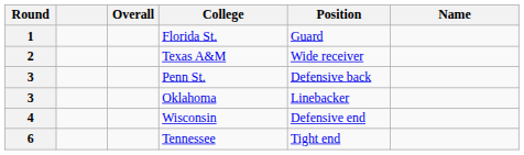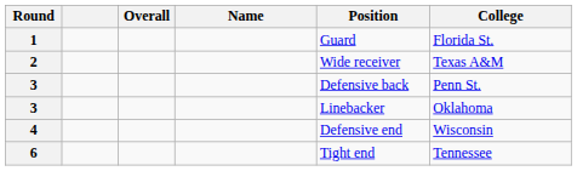 <table class="wikitable sortable" style="width: 50%;">
 <tr>
 <th scope="col" style="width: 10%;">Round</th>
 <th scope="col" style="width: 10%;"></th>
 <th scope="col" style="width: 10%;">Overall</th>
+<th scope="col" style="width: 25%;">Name</th>
+<th scope="col" style="width: 20%;">Position</th>
 <th scope="col" style="width: 25%;">College</th>
-<th scope="col" style="width: 20%;">Position</th>
-<th scope="col" style="width: 25%;">Name</th>
 </tr>
 <tr>
 <th scope="row">1</th>
 <td></td>
 <td></td>
+<td></td>
+<td><a href='#'>Guard</a></td>
 <td><a href='#'>Florida St.</a></td>
-<td><a href='#'>Guard</a></td>
-<td></td>
 </tr>
 <tr>
 <th scope="row">2</th>
 <td></td>
 <td></td>
+<td></td>
+<td><a href='#'>Wide receiver</a></td>
 <td><a href='#'>Texas A&M</a></td>
-<td><a href='#'>Wide receiver</a></td>
-<td></td>
 </tr>
 <tr>
 <th scope="row">3</th>
 <td></td>
 <td></td>
+<td></td>
+<td><a href='#'>Defensive back</a></td>
 <td><a href='#'>Penn St.</a></td>
-<td><a href='#'>Defensive back</a></td>
-<td></td>
 </tr>
 <tr>
 <th scope="row">3</th>
 <td></td>
 <td></td>
+<td></td>
+<td><a href='#'>Linebacker</a></td>
 <td><a href='#'>Oklahoma</a></td>
-<td><a href='#'>Linebacker</a></td>
-<td></td>
 </tr>
 <tr>
 <th scope="row">4</th>
 <td></td>
 <td></td>
+<td></td>
+<td><a href='#'>Defensive end</a></td>
 <td><a href='#'>Wisconsin</a></td>
-<td><a href='#'>Defensive end</a></td>
-<td></td>
 </tr>
 <tr>
 <th scope="row">6</th>
 <td></td>
 <td></td>
+<td></td>
+<td><a href='#'>Tight end</a></td>
 <td><a href='#'>Tennessee</a></td>
-<td><a href='#'>Tight end</a></td>
-<td></td>
 </tr>
 </table>
